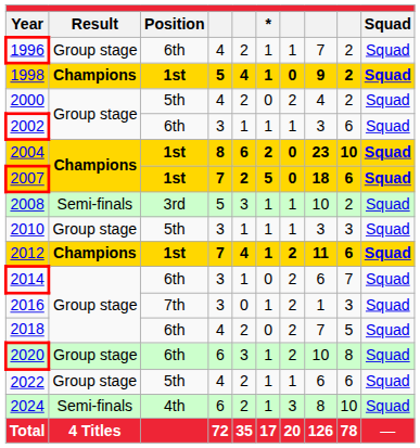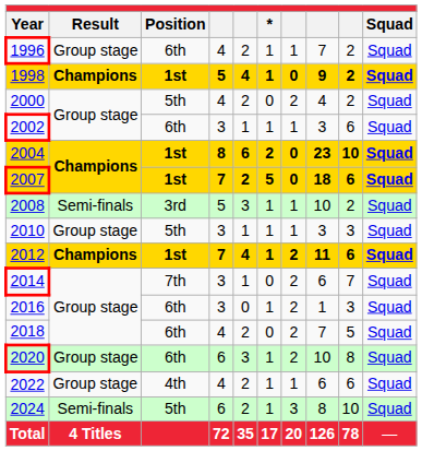 <table class="wikitable" style="text-align:center;">
 <tr>
 <th colspan=10 style="background: #EE2536; color: #FFFFFF;"><a href='#'></a></th>
 </tr>
 <tr>
 <th>Year</th>
 <th>Result</th>
 <th>Position</th>
 <th></th>
 <th></th>
 <th>*</th>
 <th></th>
 <th></th>
 <th></th>
 <th>Squad</th>
 </tr>
 <tr>
 <td style="border: 3px solid red"> <a href='#'>1996</a></td>
 <td>Group stage</td>
 <td>6th</td>
 <td>4</td>
 <td>2</td>
 <td>1</td>
 <td>1</td>
 <td>7</td>
 <td>2</td>
 <td><a href='#'>Squad</a></td>
 </tr>
 <tr style="background:gold;">
 <td> <a href='#'>1998</a></td>
 <td><strong>Champions</strong></td>
 <td><strong>1st</strong></td>
 <td><strong>5</strong></td>
 <td><strong>4</strong></td>
 <td><strong>1</strong></td>
 <td><strong>0</strong></td>
 <td><strong>9</strong></td>
 <td><strong>2</strong></td>
 <td><strong><a href='#'>Squad</a></strong></td>
 </tr>
 <tr>
 <td> <a href='#'>2000</a></td>
 <td rowspan=2>Group stage</td>
 <td>5th</td>
 <td>4</td>
 <td>2</td>
 <td>0</td>
 <td>2</td>
 <td>4</td>
 <td>2</td>
 <td><a href='#'>Squad</a></td>
 </tr>
 <tr>
 <td style="border: 3px solid red">  <a href='#'>2002</a></td>
 <td>6th</td>
 <td>3</td>
 <td>1</td>
 <td>1</td>
 <td>1</td>
 <td>3</td>
 <td>6</td>
 <td><a href='#'>Squad</a></td>
 </tr>
 <tr style="background:gold;">
 <td>  <a href='#'>2004</a></td>
 <td rowspan=2><strong>Champions</strong></td>
 <td><strong>1st</strong></td>
 <td><strong>8</strong></td>
 <td><strong>6</strong></td>
 <td><strong>2</strong></td>
 <td><strong>0</strong></td>
 <td><strong>23</strong></td>
 <td><strong>10</strong></td>
 <td><strong><a href='#'>Squad</a></strong></td>
 </tr>
 <tr style="background:gold;">
 <td style="border: 3px solid red">  <a href='#'>2007</a></td>
 <td><strong>1st</strong></td>
 <td><strong>7</strong></td>
 <td><strong>2</strong></td>
 <td><strong>5</strong></td>
 <td><strong>0</strong></td>
 <td><strong>18</strong></td>
 <td><strong>6</strong></td>
 <td><strong><a href='#'>Squad</a></strong></td>
 </tr>
 <tr style="background:#cfc;">
 <td>  <a href='#'>2008</a></td>
 <td>Semi-finals</td>
 <td>3rd</td>
 <td>5</td>
 <td>3</td>
 <td>1</td>
 <td>1</td>
 <td>10</td>
 <td>2</td>
 <td><a href='#'>Squad</a></td>
 </tr>
 <tr>
 <td>  <a href='#'>2010</a></td>
 <td>Group stage</td>
 <td>5th</td>
 <td>3</td>
 <td>1</td>
 <td>1</td>
 <td>1</td>
 <td>3</td>
 <td>3</td>
 <td><a href='#'>Squad</a></td>
 </tr>
 <tr style="background:gold;">
 <td>  <a href='#'>2012</a></td>
 <td><strong>Champions</strong></td>
 <td><strong>1st</strong></td>
 <td><strong>7</strong></td>
 <td><strong>4</strong></td>
 <td><strong>1</strong></td>
 <td><strong>2</strong></td>
 <td><strong>11</strong></td>
 <td><strong>6</strong></td>
 <td><strong><a href='#'>Squad</a></strong></td>
 </tr>
 <tr>
 <td style="border: 3px solid red">  <a href='#'>2014</a></td>
 <td rowspan=3>Group stage</td>
-<td>6th</td>
+<td>7th</td>
 <td>3</td>
 <td>1</td>
 <td>0</td>
 <td>2</td>
 <td>6</td>
 <td>7</td>
 <td><a href='#'>Squad</a></td>
 </tr>
 <tr>
 <td>  <a href='#'>2016</a></td>
-<td>7th</td>
+<td>6th</td>
 <td>3</td>
 <td>0</td>
 <td>1</td>
 <td>2</td>
 <td>1</td>
 <td>3</td>
 <td><a href='#'>Squad</a></td>
 </tr>
 <tr>
 <td> <a href='#'>2018</a></td>
 <td>6th</td>
 <td>4</td>
 <td>2</td>
 <td>0</td>
 <td>2</td>
 <td>7</td>
 <td>5</td>
 <td><a href='#'>Squad</a></td>
 </tr>
 <tr style="background:#cfc;">
 <td style="border: 3px solid red"> <a href='#'>2020</a></td>
 <td>Group stage</td>
 <td>6th</td>
 <td>6</td>
 <td>3</td>
 <td>1</td>
 <td>2</td>
 <td>10</td>
 <td>8</td>
 <td><a href='#'>Squad</a></td>
 </tr>
 <tr>
 <td> <a href='#'>2022</a></td>
 <td>Group stage</td>
-<td>5th</td>
+<td>4th</td>
 <td>4</td>
 <td>2</td>
 <td>1</td>
 <td>1</td>
 <td>6</td>
 <td>6</td>
 <td><a href='#'>Squad</a></td>
 </tr>
 <tr style="background:#cfc;">
 <td> <a href='#'>2024</a></td>
 <td>Semi-finals</td>
-<td>4th</td>
+<td>5th</td>
 <td>6</td>
 <td>2</td>
 <td>1</td>
 <td>3</td>
 <td>8</td>
 <td>10</td>
 <td><a href='#'>Squad</a></td>
 </tr>
 <tr>
 <td style="background: #EE2536; color: #FFFFFF;"><strong>Total</strong></td>
 <td style="background: #EE2536; color: #FFFFFF;"><strong>4 Titles</strong></td>
 <td style="background: #EE2536; color: #FFFFFF;"><strong></strong></td>
 <td style="background: #EE2536; color: #FFFFFF;"><strong>72</strong></td>
 <td style="background: #EE2536; color: #FFFFFF;"><strong>35</strong></td>
 <td style="background: #EE2536; color: #FFFFFF;"><strong>17</strong></td>
 <td style="background: #EE2536; color: #FFFFFF;"><strong>20</strong></td>
 <td style="background: #EE2536; color: #FFFFFF;"><strong>126</strong></td>
 <td style="background: #EE2536; color: #FFFFFF;"><strong>78</strong></td>
 <td style="background: #EE2536; color: #FFFFFF;">—</td>
 </tr>
 </table>
